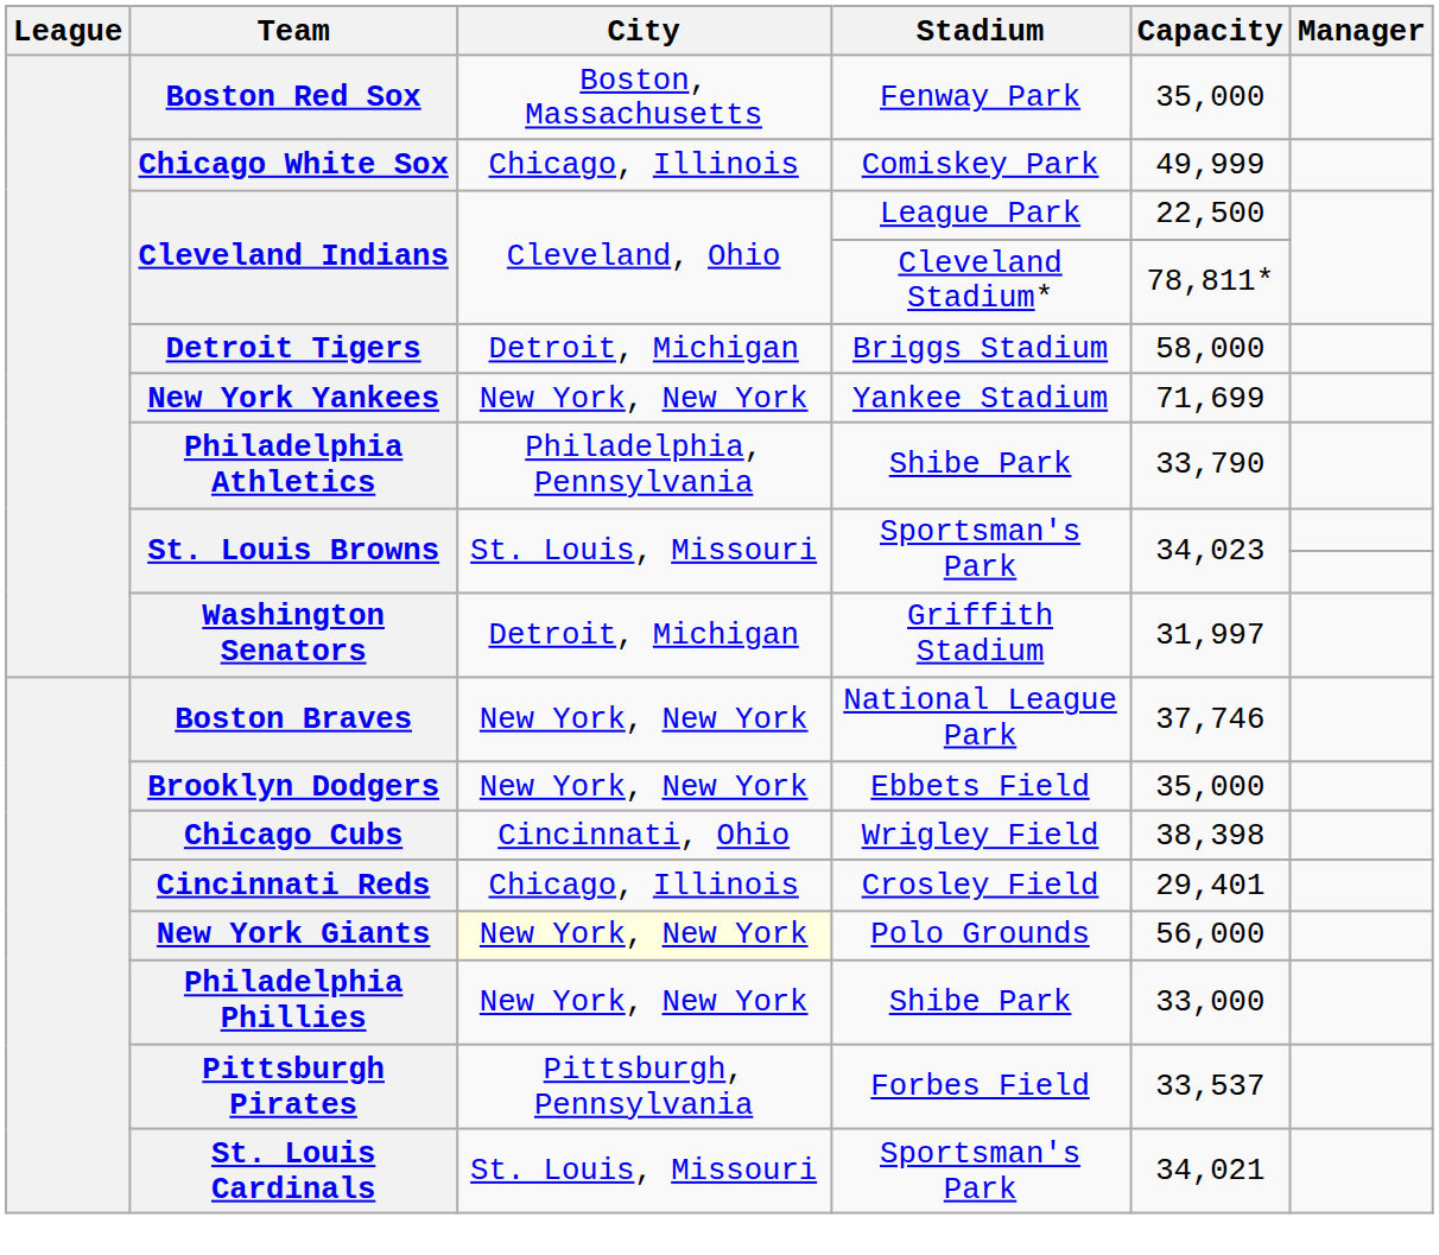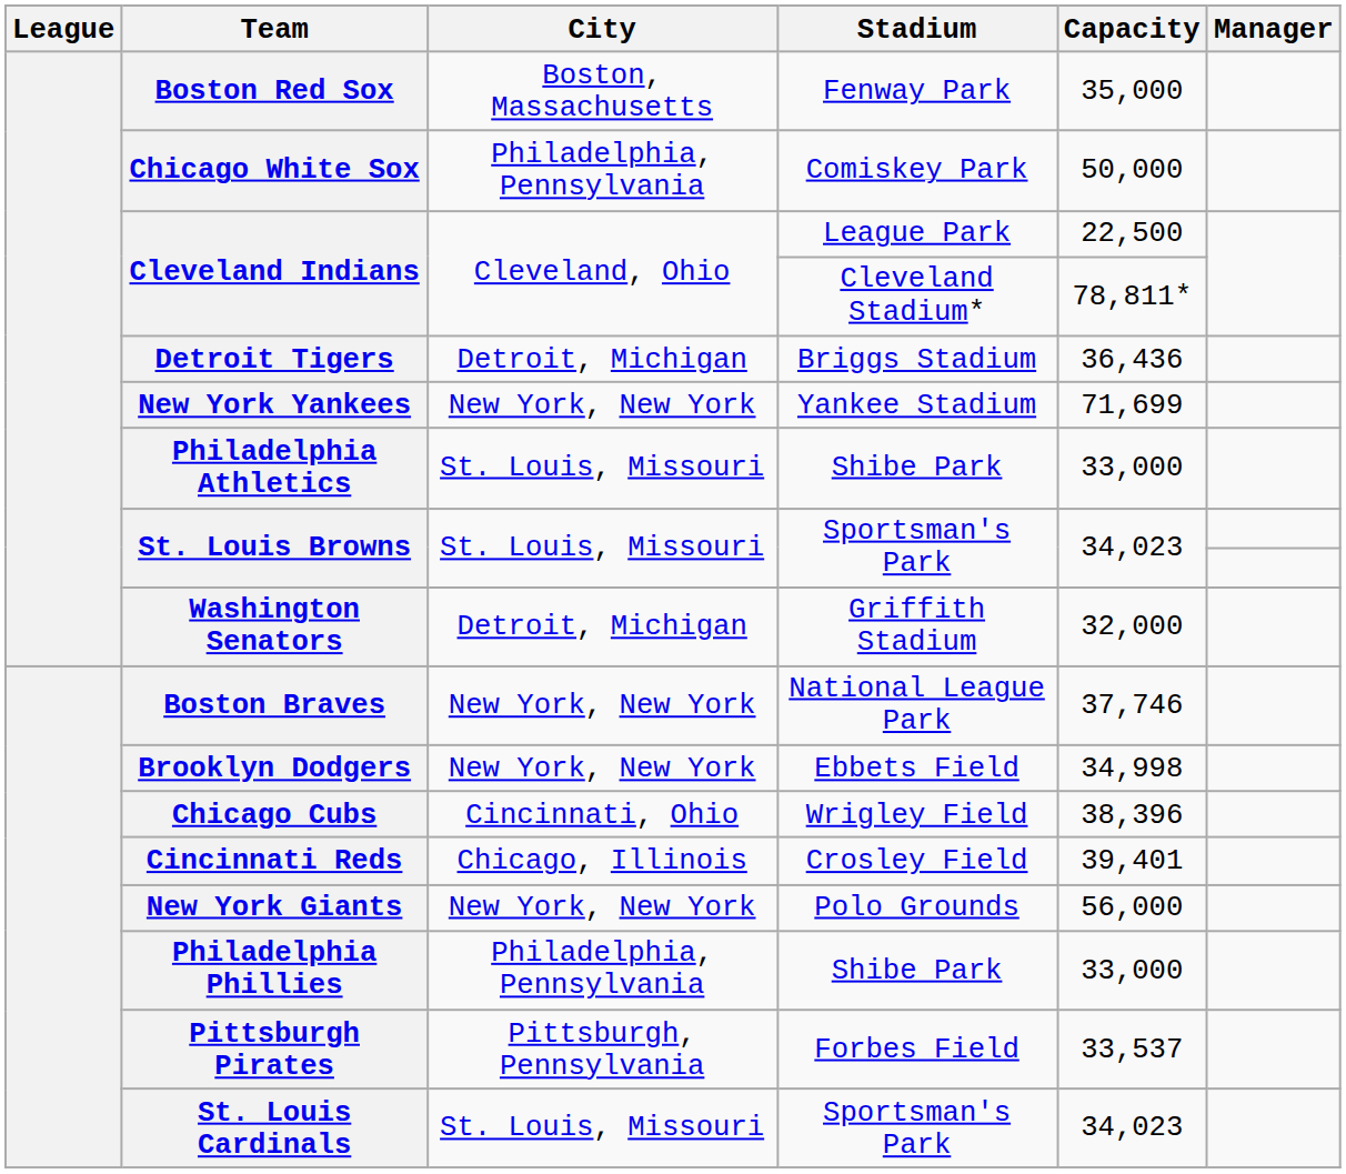 <table class="wikitable sortable plainrowheaders" style="text-align:center;">
 <tr>
 <th scope="col">League</th>
 <th scope="col">Team</th>
 <th scope="col">City</th>
 <th scope="col">Stadium</th>
 <th scope="col">Capacity</th>
 <th scope="col">Manager</th>
 </tr>
 <tr>
 <th rowspan="10"></th>
 <th scope="row"><a href='#'>Boston Red Sox</a></th>
 <td><a href='#'>Boston</a>, <a href='#'>Massachusetts</a></td>
 <td><a href='#'>Fenway Park</a></td>
 <td>35,000</td>
 <td></td>
 </tr>
 <tr>
 <th scope="row"><a href='#'>Chicago White Sox</a></th>
-<td><a href='#'>Chicago</a>, <a href='#'>Illinois</a></td>
+<td><a href='#'>Philadelphia</a>, <a href='#'>Pennsylvania</a></td>
 <td><a href='#'>Comiskey Park</a></td>
-<td>49,999</td>
+<td>50,000</td>
 <td></td>
 </tr>
 <tr>
 <th rowspan="2" scope="row"><a href='#'>Cleveland Indians</a></th>
 <td rowspan="2"><a href='#'>Cleveland</a>, <a href='#'>Ohio</a></td>
 <td><a href='#'>League Park</a></td>
 <td>22,500</td>
 <td rowspan="2"></td>
 </tr>
 <tr>
 <td><a href='#'>Cleveland Stadium</a>*</td>
 <td>78,811*</td>
 </tr>
 <tr>
 <th scope="row"><a href='#'>Detroit Tigers</a></th>
 <td><a href='#'>Detroit</a>, <a href='#'>Michigan</a></td>
 <td><a href='#'>Briggs Stadium</a></td>
-<td>58,000</td>
+<td>36,436</td>
 <td></td>
 </tr>
 <tr>
 <th scope="row"><a href='#'>New York Yankees</a></th>
 <td><a href='#'>New York</a>, <a href='#'>New York</a></td>
 <td><a href='#'>Yankee Stadium</a></td>
 <td>71,699</td>
 <td></td>
 </tr>
 <tr>
 <th scope="row"><a href='#'>Philadelphia Athletics</a></th>
-<td><a href='#'>Philadelphia</a>, <a href='#'>Pennsylvania</a></td>
+<td><a href='#'>St. Louis</a>, <a href='#'>Missouri</a></td>
 <td><a href='#'>Shibe Park</a></td>
-<td>33,790</td>
+<td>33,000</td>
 <td></td>
 </tr>
 <tr>
 <th rowspan="2" scope="row"><a href='#'>St. Louis Browns</a></th>
 <td rowspan="2"><a href='#'>St. Louis</a>, <a href='#'>Missouri</a></td>
 <td rowspan="2"><a href='#'>Sportsman's Park</a></td>
 <td rowspan="2">34,023</td>
 <td></td>
 </tr>
 <tr>
 <td></td>
 </tr>
 <tr>
 <th scope="row"><a href='#'>Washington Senators</a></th>
 <td><a href='#'>Detroit</a>, <a href='#'>Michigan</a></td>
 <td><a href='#'>Griffith Stadium</a></td>
-<td>31,997</td>
+<td>32,000</td>
 <td></td>
 </tr>
 <tr>
 <th rowspan="8"></th>
 <th scope="row"><a href='#'>Boston Braves</a></th>
 <td><a href='#'>New York</a>, <a href='#'>New York</a></td>
 <td><a href='#'>National League Park</a></td>
 <td>37,746</td>
 <td></td>
 </tr>
 <tr>
 <th scope="row"><a href='#'>Brooklyn Dodgers</a></th>
 <td><a href='#'>New York</a>, <a href='#'>New York</a></td>
 <td><a href='#'>Ebbets Field</a></td>
-<td>35,000</td>
+<td>34,998</td>
 <td></td>
 </tr>
 <tr>
 <th scope="row"><a href='#'>Chicago Cubs</a></th>
 <td><a href='#'>Cincinnati</a>, <a href='#'>Ohio</a></td>
 <td><a href='#'>Wrigley Field</a></td>
-<td>38,398</td>
+<td>38,396</td>
 <td></td>
 </tr>
 <tr>
 <th scope="row"><a href='#'>Cincinnati Reds</a></th>
 <td><a href='#'>Chicago</a>, <a href='#'>Illinois</a></td>
 <td><a href='#'>Crosley Field</a></td>
-<td>29,401</td>
+<td>39,401</td>
 <td></td>
 </tr>
 <tr>
 <th scope="row"><a href='#'>New York Giants</a></th>
-<td style="background: lightyellow;"><a href='#'>New York</a>, <a href='#'>New York</a></td>
+<td><a href='#'>New York</a>, <a href='#'>New York</a></td>
 <td><a href='#'>Polo Grounds</a></td>
 <td>56,000</td>
 <td></td>
 </tr>
 <tr>
 <th scope="row"><a href='#'>Philadelphia Phillies</a></th>
-<td><a href='#'>New York</a>, <a href='#'>New York</a></td>
+<td><a href='#'>Philadelphia</a>, <a href='#'>Pennsylvania</a></td>
 <td><a href='#'>Shibe Park</a></td>
 <td>33,000</td>
 <td></td>
 </tr>
 <tr>
 <th scope="row"><a href='#'>Pittsburgh Pirates</a></th>
 <td><a href='#'>Pittsburgh</a>, <a href='#'>Pennsylvania</a></td>
 <td><a href='#'>Forbes Field</a></td>
 <td>33,537</td>
 <td></td>
 </tr>
 <tr>
 <th scope="row"><a href='#'>St. Louis Cardinals</a></th>
 <td><a href='#'>St. Louis</a>, <a href='#'>Missouri</a></td>
 <td><a href='#'>Sportsman's Park</a></td>
-<td>34,021</td>
+<td>34,023</td>
 <td></td>
 </tr>
 </table>
